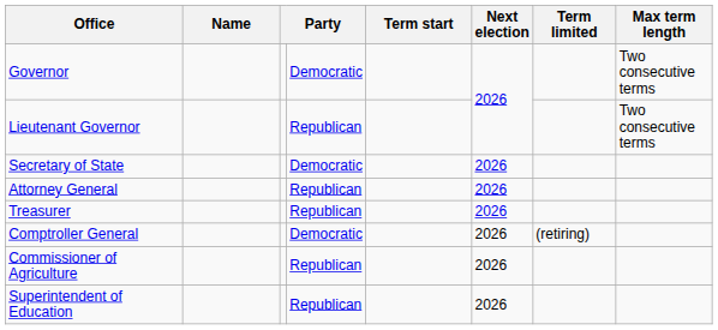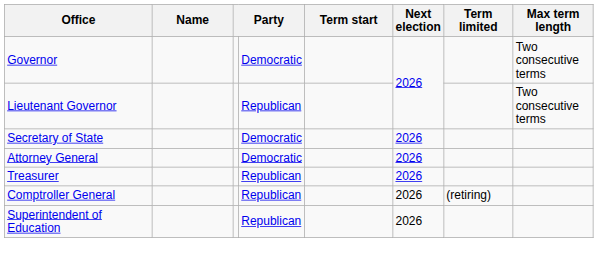 <table class="sortable wikitable">
 <tr>
 <th scope="col" width=190>Office</th>
 <th scope="col" width=100>Name</th>
 <th scope="col" width=75 colspan=2>Party</th>
 <th scope="col" width=110>Term start</th>
 <th scope="col" width=50>Next election</th>
 <th scope="col" width=85>Term limited</th>
 <th scope="col" width=100>Max term length</th>
 </tr>
 <tr>
 <td><a href='#'>Governor</a></td>
 <td></td>
 <td style="background-color:"></td>
 <td><a href='#'>Democratic</a></td>
 <td></td>
 <td rowspan=2><a href='#'>2026</a></td>
 <td></td>
 <td>Two consecutive terms</td>
 </tr>
 <tr>
 <td><a href='#'>Lieutenant Governor</a></td>
 <td></td>
 <td style="background-color:"></td>
 <td><a href='#'>Republican</a></td>
 <td></td>
 <td></td>
 <td>Two consecutive terms</td>
 </tr>
 <tr>
 <td><a href='#'>Secretary of State</a></td>
 <td></td>
 <td style="background-color:"></td>
 <td><a href='#'>Democratic</a></td>
 <td></td>
 <td><a href='#'>2026</a></td>
 <td></td>
 <td></td>
 </tr>
 <tr>
 <td><a href='#'>Attorney General</a></td>
 <td></td>
 <td style="background-color:"></td>
-<td><a href='#'>Republican</a></td>
+<td><a href='#'>Democratic</a></td>
 <td></td>
 <td><a href='#'>2026</a></td>
 <td></td>
 <td></td>
 </tr>
 <tr>
 <td><a href='#'>Treasurer</a></td>
 <td></td>
 <td style="background-color:"></td>
 <td><a href='#'>Republican</a></td>
 <td></td>
 <td><a href='#'>2026</a></td>
 <td></td>
 <td></td>
 </tr>
 <tr>
 <td><a href='#'>Comptroller General</a></td>
 <td></td>
 <td style="background-color:"></td>
-<td><a href='#'>Democratic</a></td>
+<td><a href='#'>Republican</a></td>
 <td></td>
 <td>2026</td>
 <td> (retiring)</td>
-<td></td>
-</tr>
-<tr>
-<td><a href='#'>Commissioner of Agriculture</a></td>
-<td></td>
-<td style="background-color:"></td>
-<td><a href='#'>Republican</a></td>
-<td></td>
-<td>2026</td>
-<td></td>
 <td></td>
 </tr>
 <tr>
 <td><a href='#'>Superintendent of Education</a></td>
 <td></td>
 <td style="background-color:"></td>
 <td><a href='#'>Republican</a></td>
 <td></td>
 <td>2026</td>
 <td></td>
 <td></td>
 </tr>
 </table>
